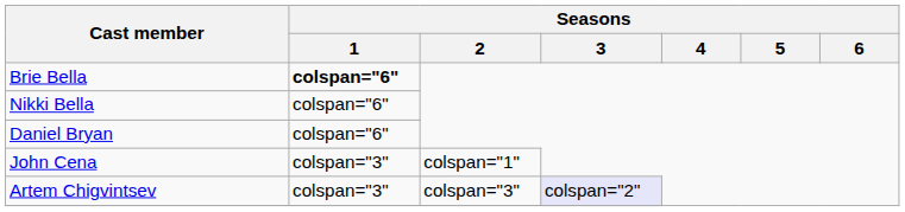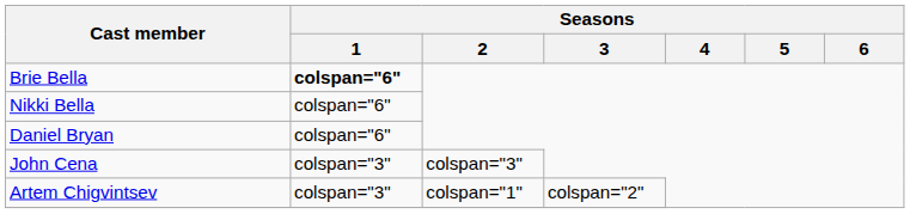 <table class="wikitable plainrowheaders" width="50%">
 <tr>
 <th scope="col" rowspan="2" style="width:25%;">Cast member</th>
 <th scope="col" colspan="6">Seasons</th>
 </tr>
 <tr>
 <th scope="col" style="width:7%;">1</th>
 <th scope="col" style="width:7%;">2</th>
 <th scope="col" style="width:7%;">3</th>
 <th scope="col" style="width:7%;">4</th>
 <th scope="col" style="width:7%;">5</th>
 <th scope="col" style="width:7%;">6</th>
 </tr>
 <tr>
 <td scope="row"><a href='#'>Brie Bella</a></td>
 <td><strong>colspan="6" </strong></td>
 </tr>
 <tr>
 <td scope="row"><a href='#'>Nikki Bella</a></td>
 <td>colspan="6" </td>
 </tr>
 <tr>
 <td scope="row"><a href='#'>Daniel Bryan</a></td>
 <td>colspan="6" </td>
 </tr>
 <tr>
 <td scope="row"><a href='#'>John Cena</a></td>
 <td>colspan="3" </td>
-<td>colspan="1" </td>
+<td>colspan="3" </td>
 </tr>
 <tr>
 <td scope="row"><a href='#'>Artem Chigvintsev</a></td>
 <td>colspan="3" </td>
-<td>colspan="3" </td>
-<td style="background: lavender;">colspan="2" </td>
+<td>colspan="1" </td>
+<td>colspan="2" </td>
 </tr>
 <tr>
 </tr>
 </table>
